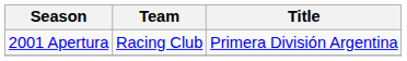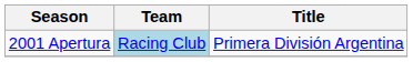 <table class="wikitable">
 <tr>
 <th>Season</th>
 <th>Team</th>
 <th>Title</th>
 </tr>
 <tr>
 <td><a href='#'>2001 Apertura</a></td>
-<td><a href='#'>Racing Club</a></td>
+<td style="background: lightblue;"><a href='#'>Racing Club</a></td>
 <td><a href='#'>Primera División Argentina</a></td>
 </tr>
 <tr>
 </tr>
 </table>
